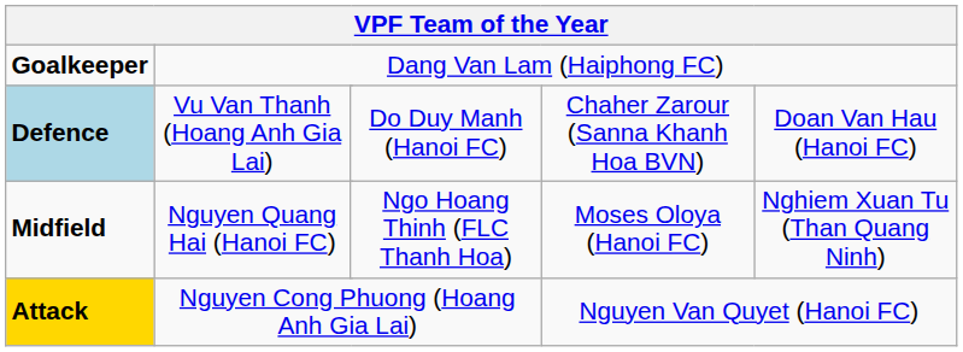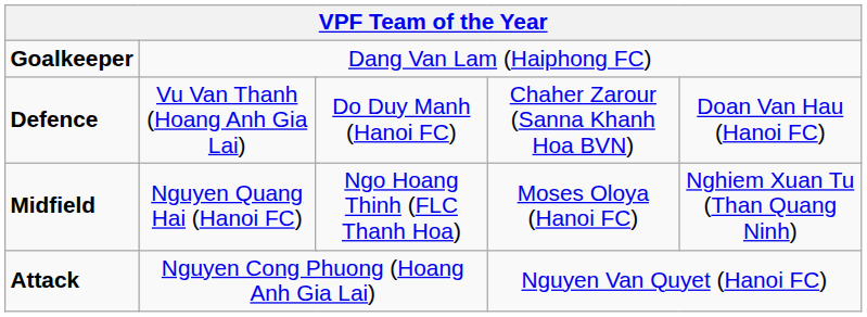 <table class="wikitable">
 <tr>
 <th colspan="13"><a href='#'>VPF Team of the Year</a></th>
 </tr>
 <tr>
 <td><strong>Goalkeeper</strong></td>
 <td colspan="12" style="text-align:center;"> <a href='#'>Dang Van Lam</a> (<a href='#'>Haiphong FC</a>)</td>
 </tr>
 <tr>
-<td style="background: lightblue;"><strong>Defence</strong></td>
+<td><strong>Defence</strong></td>
 <td colspan="3" style="text-align:center;"> <a href='#'>Vu Van Thanh</a> (<a href='#'>Hoang Anh Gia Lai</a>)</td>
 <td colspan="3" style="text-align:center;"> <a href='#'>Do Duy Manh</a> (<a href='#'>Hanoi FC</a>)</td>
 <td colspan="3" style="text-align:center;"> <a href='#'>Chaher Zarour</a> (<a href='#'>Sanna Khanh Hoa BVN</a>)</td>
 <td colspan="3" style="text-align:center;"> <a href='#'>Doan Van Hau</a> (<a href='#'>Hanoi FC</a>)</td>
 </tr>
 <tr>
 <td><strong>Midfield</strong></td>
 <td colspan="3" style="text-align:center;"> <a href='#'>Nguyen Quang Hai</a> (<a href='#'>Hanoi FC</a>)</td>
 <td colspan="3" style="text-align:center;"> <a href='#'>Ngo Hoang Thinh</a> (<a href='#'>FLC Thanh Hoa</a>)</td>
 <td colspan="3" style="text-align:center;"> <a href='#'>Moses Oloya</a> (<a href='#'>Hanoi FC</a>)</td>
 <td colspan="3" style="text-align:center;"> <a href='#'>Nghiem Xuan Tu</a> (<a href='#'>Than Quang Ninh</a>)</td>
 </tr>
 <tr>
-<td style="background: gold;"><strong>Attack</strong></td>
+<td><strong>Attack</strong></td>
 <td colspan="6" style="text-align:center;"> <a href='#'>Nguyen Cong Phuong</a> (<a href='#'>Hoang Anh Gia Lai</a>)</td>
 <td colspan="6" style="text-align:center;"> <a href='#'>Nguyen Van Quyet</a> (<a href='#'>Hanoi FC</a>)</td>
 </tr>
 </table>
